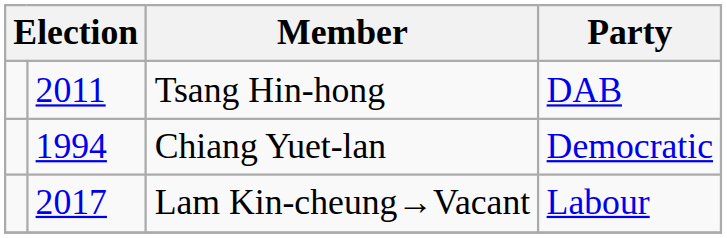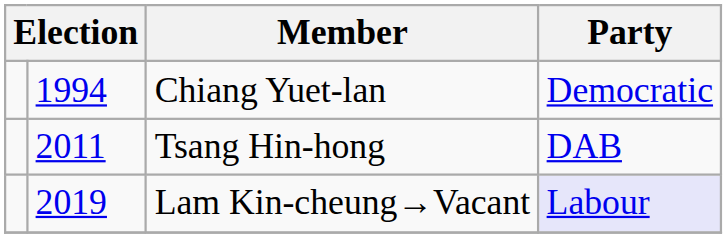 <table class="wikitable">
 <tr>
 <th colspan="2">Election</th>
 <th>Member</th>
 <th>Party</th>
+</tr>
+<tr>
+<td style="color:inherit;background:"></td>
+<td><a href='#'>1994</a></td>
+<td>Chiang Yuet-lan</td>
+<td><a href='#'>Democratic</a></td>
 </tr>
 <tr>
 <td style="color:inherit;background:"></td>
 <td><a href='#'>2011</a></td>
 <td>Tsang Hin-hong</td>
 <td><a href='#'>DAB</a></td>
 </tr>
 <tr>
 <td style="color:inherit;background:"></td>
-<td><a href='#'>1994</a></td>
-<td>Chiang Yuet-lan</td>
-<td><a href='#'>Democratic</a></td>
-</tr>
-<tr>
-<td style="color:inherit;background:"></td>
-<td><a href='#'>2017</a></td>
+<td><a href='#'>2019</a></td>
 <td>Lam Kin-cheung→Vacant</td>
-<td><a href='#'>Labour</a></td>
+<td style="background: lavender;"><a href='#'>Labour</a></td>
 </tr>
 <tr>
 </tr>
 </table>
